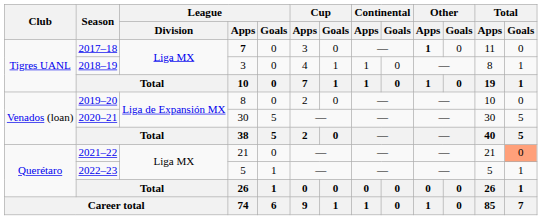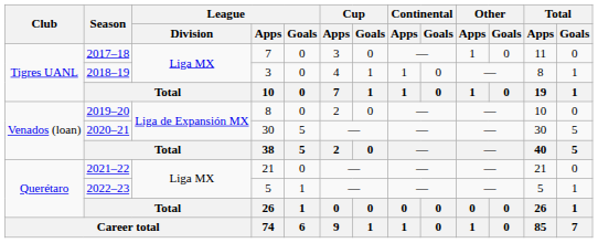 <table class="wikitable" style="text-align:center">
 <tr>
 <th rowspan="2">Club</th>
 <th rowspan="2">Season</th>
 <th colspan="3">League</th>
 <th colspan="2">Cup</th>
 <th colspan="2">Continental</th>
 <th colspan="2">Other</th>
 <th colspan="2">Total</th>
 </tr>
 <tr>
 <th>Division</th>
 <th>Apps</th>
 <th>Goals</th>
 <th>Apps</th>
 <th>Goals</th>
 <th>Apps</th>
 <th>Goals</th>
 <th>Apps</th>
 <th>Goals</th>
 <th>Apps</th>
 <th>Goals</th>
 </tr>
 <tr>
 <td rowspan="3"><a href='#'>Tigres UANL</a></td>
 <td><a href='#'>2017–18</a></td>
 <td rowspan="2"><a href='#'>Liga MX</a></td>
-<td><strong>7</strong></td>
+<td>7</td>
 <td>0</td>
 <td>3</td>
 <td>0</td>
 <td colspan="2">—</td>
-<td><strong>1</strong></td>
+<td>1</td>
 <td>0</td>
 <td>11</td>
 <td>0</td>
 </tr>
 <tr>
 <td><a href='#'>2018–19</a></td>
 <td>3</td>
 <td>0</td>
 <td>4</td>
 <td>1</td>
 <td>1</td>
 <td>0</td>
 <td colspan="2">—</td>
 <td>8</td>
 <td>1</td>
 </tr>
 <tr>
 <th colspan="2">Total</th>
 <th>10</th>
 <th>0</th>
 <th>7</th>
 <th>1</th>
 <th>1</th>
 <th>0</th>
 <th>1</th>
 <th>0</th>
 <th>19</th>
 <th>1</th>
 </tr>
 <tr>
 <td rowspan="3"><a href='#'>Venados</a> (loan)</td>
 <td><a href='#'>2019–20</a></td>
 <td rowspan="2"><a href='#'>Liga de Expansión MX</a></td>
 <td>8</td>
 <td>0</td>
 <td>2</td>
 <td>0</td>
 <td colspan="2">—</td>
 <td colspan="2">—</td>
 <td>10</td>
 <td>0</td>
 </tr>
 <tr>
 <td><a href='#'>2020–21</a></td>
 <td>30</td>
 <td>5</td>
 <td colspan="2">—</td>
 <td colspan="2">—</td>
 <td colspan="2">—</td>
 <td>30</td>
 <td>5</td>
 </tr>
 <tr>
 <th colspan="2">Total</th>
 <th>38</th>
 <th>5</th>
 <th>2</th>
 <th>0</th>
 <th colspan="2">—</th>
 <th colspan="2">—</th>
 <th>40</th>
 <th>5</th>
 </tr>
 <tr>
 <td rowspan="3"><a href='#'>Querétaro</a></td>
 <td><a href='#'>2021–22</a></td>
 <td rowspan="2">Liga MX</td>
 <td>21</td>
 <td>0</td>
 <td colspan="2">—</td>
 <td colspan="2">—</td>
 <td colspan="2">—</td>
 <td>21</td>
-<td style="background: lightsalmon;">0</td>
+<td>0</td>
 </tr>
 <tr>
 <td><a href='#'>2022–23</a></td>
 <td>5</td>
 <td>1</td>
 <td colspan=2>—</td>
 <td colspan=2>—</td>
 <td colspan=2>—</td>
 <td>5</td>
 <td>1</td>
 </tr>
 <tr>
 <th colspan="2">Total</th>
 <th>26</th>
 <th>1</th>
 <th>0</th>
 <th>0</th>
 <th>0</th>
 <th>0</th>
 <th>0</th>
 <th>0</th>
 <th>26</th>
 <th>1</th>
 </tr>
 <tr>
 <th colspan="3">Career total</th>
 <th>74</th>
 <th>6</th>
 <th>9</th>
 <th>1</th>
 <th>1</th>
 <th>0</th>
 <th>1</th>
 <th>0</th>
 <th>85</th>
 <th>7</th>
 </tr>
 </table>
